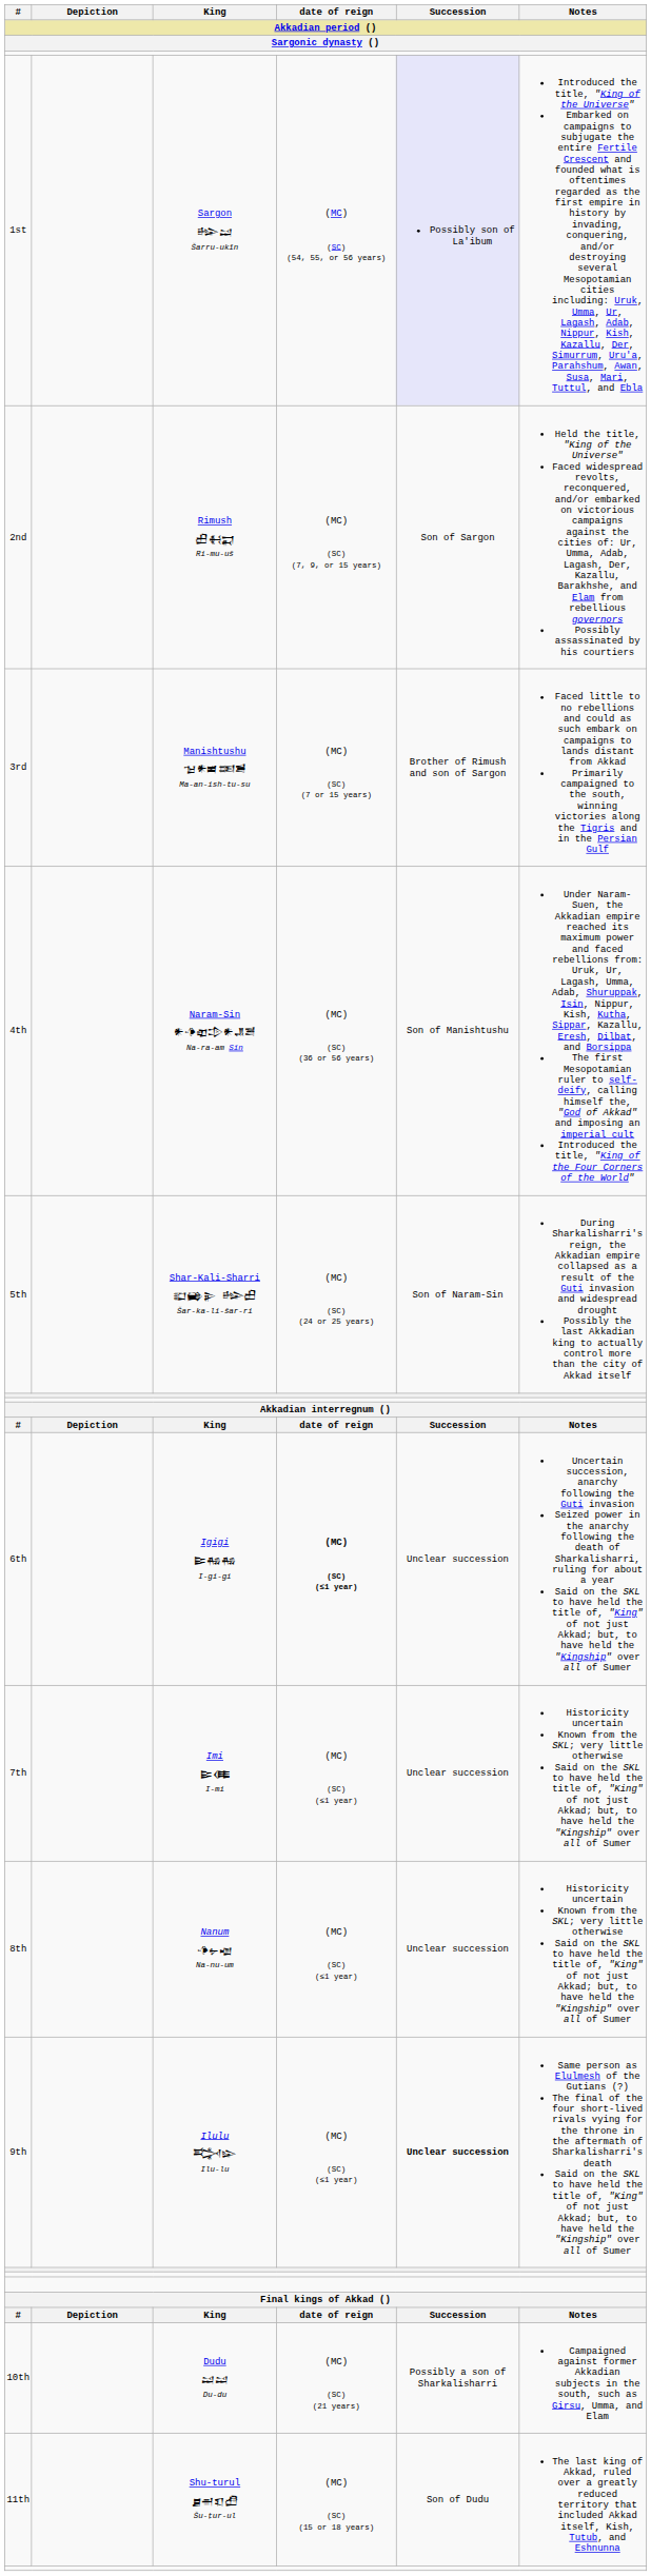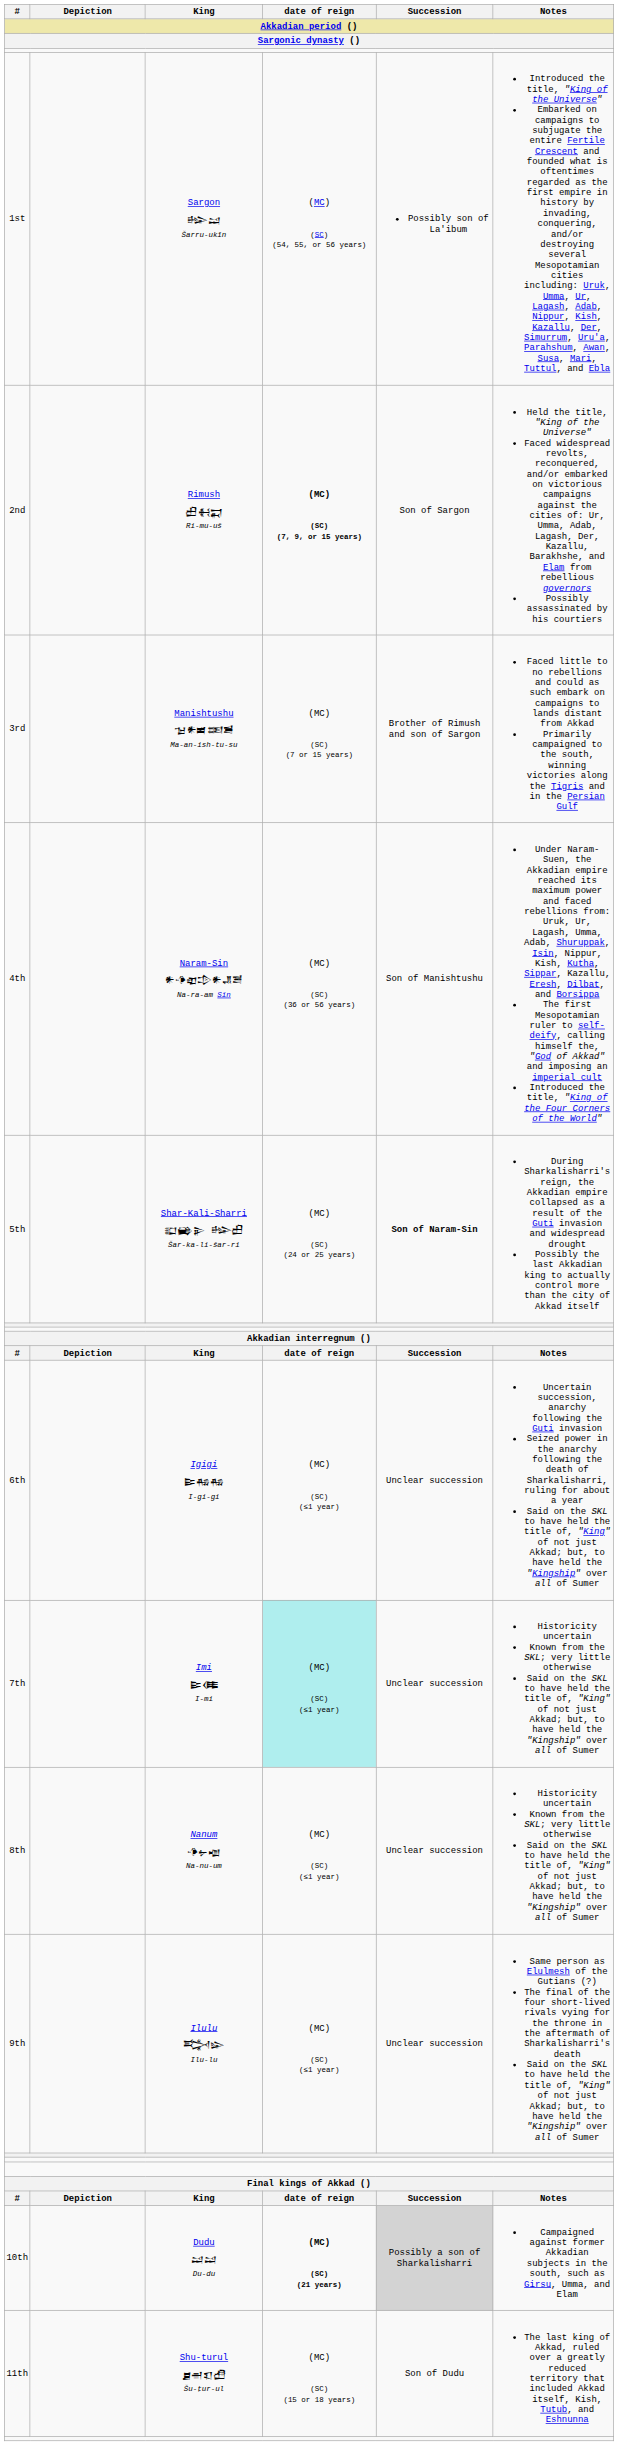 <table class="wikitable"border="1"style="width:100%;text-align:center">
 <tr>
 <th width="1%">#</th>
 <th width="19.8%">Depiction</th>
 <th width="19.8%">King</th>
 <th width="19.8%"> date of reign</th>
 <th width="19.8%">Succession</th>
 <th width="19.8%">Notes</th>
 </tr>
 <tr>
 <td colspan="6"align="center"style="background-color:palegoldenrod"><strong><a href='#'>Akkadian period</a> ()</strong></td>
 </tr>
 <tr>
 <th colspan="6"><a href='#'>Sargonic dynasty</a> ()</th>
 </tr>
 <tr>
 <td colspan="6"align="left"></td>
 </tr>
 <tr>
 <td>1st</td>
 <td></td>
 <td><a href='#'>Sargon</a><br>𒈗𒁺<br><small><em>Šarru-ukīn</em></small></td>
 <td><br>(<a href='#'>MC</a>)<br><br><small><br>(<a href='#'>SC</a>)<br>(54, 55, or 56 years)</small></td>
-<td style="background: lavender;"><br><ul><li>Possibly son of La'ibum</li></ul></td>
+<td><br><ul><li>Possibly son of La'ibum</li></ul></td>
 <td><br><ul><li>Introduced the title, <em>"<a href='#'>King of the Universe</a>"</em></li><li>Embarked on campaigns to subjugate the entire <a href='#'>Fertile Crescent</a> and founded what is oftentimes regarded as the first empire in history by invading, conquering, and/or destroying several Mesopotamian cities including: <a href='#'>Uruk</a>, <a href='#'>Umma</a>, <a href='#'>Ur</a>, <a href='#'>Lagash</a>, <a href='#'>Adab</a>, <a href='#'>Nippur</a>, <a href='#'>Kish</a>, <a href='#'>Kazallu</a>, <a href='#'>Der</a>, <a href='#'>Simurrum</a>, <a href='#'>Uru'a</a>, <a href='#'>Parahshum</a>, <a href='#'>Awan</a>, <a href='#'>Susa</a>, <a href='#'>Mari</a>, <a href='#'>Tuttul</a>, and <a href='#'>Ebla</a></li></ul></td>
 </tr>
 <tr>
 <td>2nd</td>
 <td></td>
 <td><a href='#'>Rimush</a><br>𒌷𒈬𒍑<br><small><em>Ri-mu-uš</em></small></td>
-<td><br>(MC)<br><br><small><br>(SC)<br>(7, 9, or 15 years)</small></td>
+<td><strong><br>(MC)<br><br><small><br>(SC)<br>(7, 9, or 15 years)</small></strong></td>
 <td>Son of Sargon</td>
 <td><br><ul><li>Held the title, <em>"King of the Universe"</em></li><li>Faced widespread revolts, reconquered, and/or embarked on victorious campaigns against the cities of: Ur, Umma, Adab, Lagash, Der, Kazallu, Barakhshe, and <a href='#'>Elam</a> from rebellious <em><a href='#'>governors</a></em></li><li>Possibly assassinated by his courtiers</li></ul></td>
 </tr>
 <tr>
 <td>3rd</td>
 <td></td>
 <td><a href='#'>Manishtushu</a><br>𒈠𒀭𒅖𒌅𒋢<br><small><em>Ma-an-ish-tu-su</em></small></td>
 <td><br>(MC)<br><br><small><br>(SC)<br>(7 or 15 years)</small></td>
 <td>Brother of Rimush and son of Sargon</td>
 <td><br><ul><li>Faced little to no rebellions and could as such embark on campaigns to lands distant from Akkad</li><li>Primarily campaigned to the south, winning victories along the <a href='#'>Tigris</a> and in the <a href='#'>Persian Gulf</a></li></ul></td>
 </tr>
 <tr>
 <td>4th</td>
 <td></td>
 <td><a href='#'>Naram-Sin</a><br>𒀭𒈾𒊏𒄠𒀭𒂗𒍪<br><small><em>Na-ra-am <a href='#'>Sîn</a></em></small></td>
 <td><br>(MC)<br><br><small><br>(SC)<br>(36 or 56 years)</small></td>
 <td>Son of Manishtushu</td>
 <td><br><ul><li>Under Naram-Suen, the Akkadian empire reached its maximum power and faced rebellions from: Uruk, Ur, Lagash, Umma, Adab, <a href='#'>Shuruppak</a>, <a href='#'>Isin</a>, Nippur, Kish, <a href='#'>Kutha</a>, <a href='#'>Sippar</a>, Kazallu, <a href='#'>Eresh</a>, <a href='#'>Dilbat</a>, and <a href='#'>Borsippa</a></li><li>The first Mesopotamian ruler to <a href='#'>self-deify</a>, calling himself the, <em>"<a href='#'>God</a> of Akkad"</em> and imposing an <a href='#'>imperial cult</a></li><li>Introduced the title, <em>"<a href='#'>King of the Four Corners of the World</a>"</em></li></ul></td>
 </tr>
 <tr>
 <td>5th</td>
 <td></td>
 <td><a href='#'>Shar-Kali-Sharri</a><br>𒊬𒂵𒉌 𒈗𒌷<br><small><em>Šar-ka-li-šar-ri</em></small></td>
 <td><br>(MC)<br><br><small><br>(SC)<br>(24 or 25 years)</small></td>
-<td>Son of Naram-Sin</td>
+<td><strong>Son of Naram-Sin</strong></td>
 <td><br><ul><li>During Sharkalisharri's reign, the Akkadian empire collapsed as a result of the <a href='#'>Guti</a> invasion and widespread drought</li><li>Possibly the last Akkadian king to actually control more than the city of Akkad itself</li></ul></td>
 </tr>
 <tr>
 <th colspan="6"></th>
 </tr>
 <tr>
 <td colspan="6"align="left"></td>
 </tr>
 <tr>
 <th colspan="6">Akkadian interregnum ()</th>
 </tr>
 <tr>
 <th width="1%">#</th>
 <th width="19.8%">Depiction</th>
 <th width="19.8%">King</th>
 <th width="19.8%"> date of reign</th>
 <th width="19.8%">Succession</th>
 <th width="19.8%">Notes</th>
 </tr>
 <tr>
 <td>6th</td>
 <td></td>
 <td><em><a href='#'>Igigi</a></em><br>𒄿𒄀𒄀<br><small><em>I-gi-gi</em></small></td>
-<td><strong><br>(MC)<br><br><small><br>(SC)<br>(≤1 year)</small></strong></td>
+<td><br>(MC)<br><br><small><br>(SC)<br>(≤1 year)</small></td>
 <td>Unclear succession</td>
 <td><br><ul><li>Uncertain succession, anarchy following the <a href='#'>Guti</a> invasion</li><li>Seized power in the anarchy following the death of Sharkalisharri, ruling for about a year</li><li>Said on the <em>SKL</em> to have held the title of, <em>"<a href='#'>King</a>"</em> of not just Akkad; but, to have held the <em>"<a href='#'>Kingship</a>"</em> over <em>all</em> of Sumer</li></ul></td>
 </tr>
 <tr>
 <td>7th</td>
 <td></td>
 <td><em><a href='#'>Imi</a></em><br>𒄿𒈪<br><small><em>I-mi</em></small></td>
-<td><br>(MC)<br><br><small><br>(SC)<br>(≤1 year)</small></td>
+<td style="background: paleturquoise;"><br>(MC)<br><br><small><br>(SC)<br>(≤1 year)</small></td>
 <td>Unclear succession</td>
 <td><br><ul><li>Historicity uncertain</li><li>Known from the <em>SKL</em>; very little otherwise</li><li>Said on the <em>SKL</em> to have held the title of, <em>"King"</em> of not just Akkad; but, to have held the <em>"Kingship"</em> over <em>all</em> of Sumer</li></ul></td>
 </tr>
 <tr>
 <td>8th</td>
 <td></td>
 <td><em><a href='#'>Nanum</a></em><br>𒈾𒉡𒌝<br><small><em>Na-nu-um</em></small></td>
 <td><br>(MC)<br><br><small><br>(SC)<br>(≤1 year)</small></td>
 <td>Unclear succession</td>
 <td><br><ul><li>Historicity uncertain</li><li>Known from the <em>SKL</em>; very little otherwise</li><li>Said on the <em>SKL</em> to have held the title of, <em>"King"</em> of not just Akkad; but, to have held the <em>"Kingship"</em> over <em>all</em> of Sumer</li></ul></td>
 </tr>
 <tr>
 <td>9th</td>
 <td></td>
 <td><em><a href='#'>Ilulu</a></em><br>𒅋𒇽<br><small><em>Ilu-lu</em></small></td>
 <td><br>(MC)<br><br><small><br>(SC)<br>(≤1 year)</small></td>
-<td><strong>Unclear succession</strong></td>
+<td>Unclear succession</td>
 <td><br><ul><li>Same person as <a href='#'>Elulmesh</a> of the Gutians (?)</li><li>The final of the four short-lived rivals vying for the throne in the aftermath of Sharkalisharri's death</li><li>Said on the <em>SKL</em> to have held the title of, <em>"King"</em> of not just Akkad; but, to have held the <em>"Kingship"</em> over <em>all</em> of Sumer</li></ul></td>
 </tr>
 <tr>
 <th colspan="6"></th>
 </tr>
 <tr>
 <td colspan="6"align="left"></td>
 </tr>
 <tr>
 <td colspan="6"><br></td>
 </tr>
 <tr>
 <th colspan="6">Final kings of Akkad ()</th>
 </tr>
 <tr>
 <th width="1%">#</th>
 <th width="19.8%">Depiction</th>
 <th width="19.8%">King</th>
 <th width="19.8%"> date of reign</th>
 <th width="19.8%">Succession</th>
 <th width="19.8%">Notes</th>
 </tr>
 <tr>
 <td>10th</td>
 <td></td>
 <td><a href='#'>Dudu</a><br>𒁺𒁺<br><small><em>Du-du</em></small></td>
-<td><br>(MC)<br><br><small><br>(SC)<br>(21 years)</small></td>
-<td>Possibly a son of Sharkalisharri</td>
+<td><strong><br>(MC)<br><br><small><br>(SC)<br>(21 years)</small></strong></td>
+<td style="background: lightgrey;">Possibly a son of Sharkalisharri</td>
 <td><br><ul><li>Campaigned against former Akkadian subjects in the south, such as <a href='#'>Girsu</a>, Umma, and Elam</li></ul></td>
 </tr>
 <tr>
 <td>11th</td>
 <td></td>
 <td><a href='#'>Shu-turul</a><br>𒋗𒉣𒇬𒍌<br><small><em>Šu-ṭur-ul</em></small></td>
 <td><br>(MC)<br><br><small><br>(SC)<br>(15 or 18 years)</small></td>
 <td>Son of Dudu</td>
 <td><br><ul><li>The last king of Akkad, ruled over a greatly reduced territory that included Akkad itself, Kish, <a href='#'>Tutub</a>, and <a href='#'>Eshnunna</a></li></ul></td>
 </tr>
 <tr>
 <td colspan="6"align="left"></td>
 </tr>
 </table>
